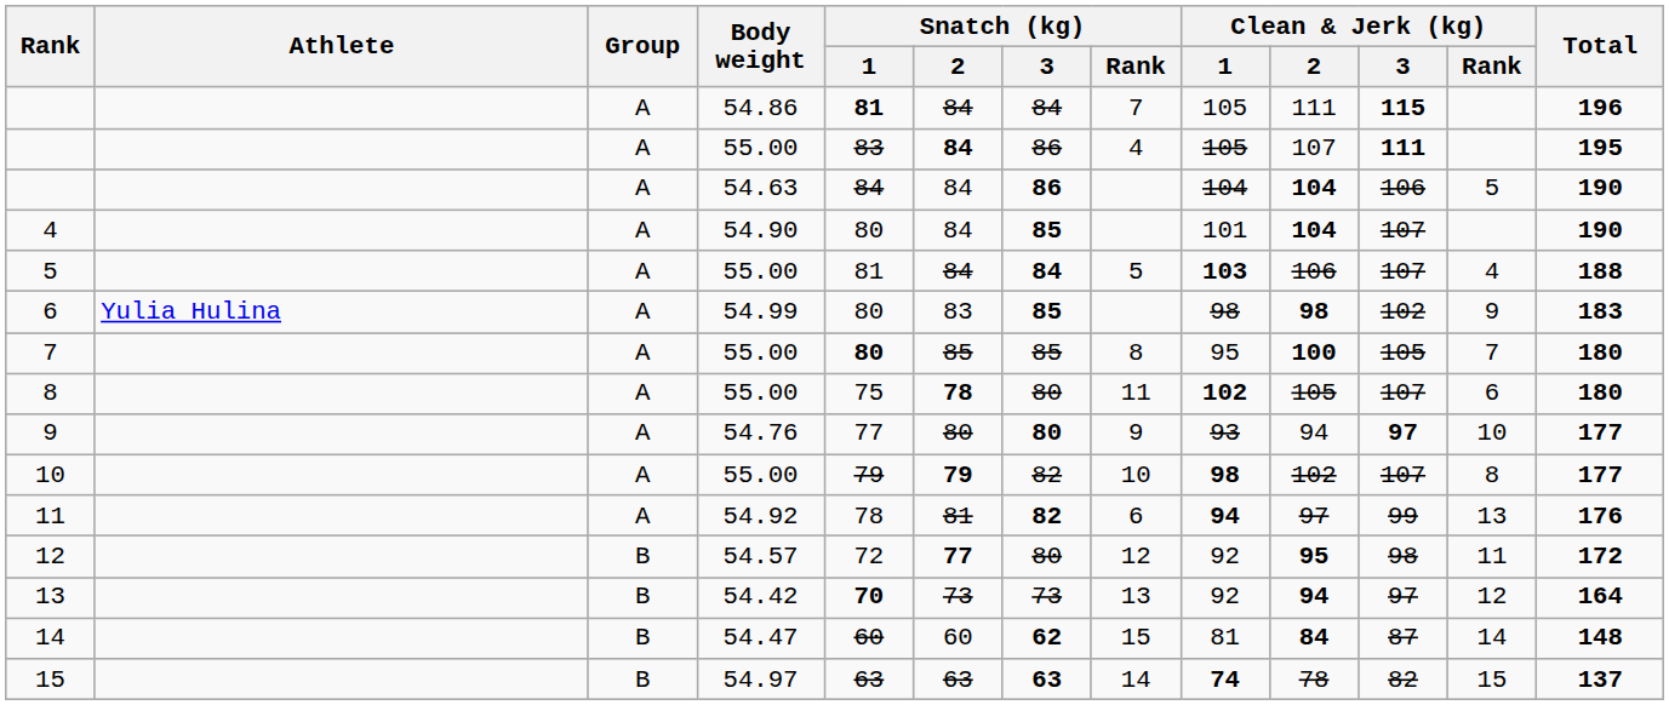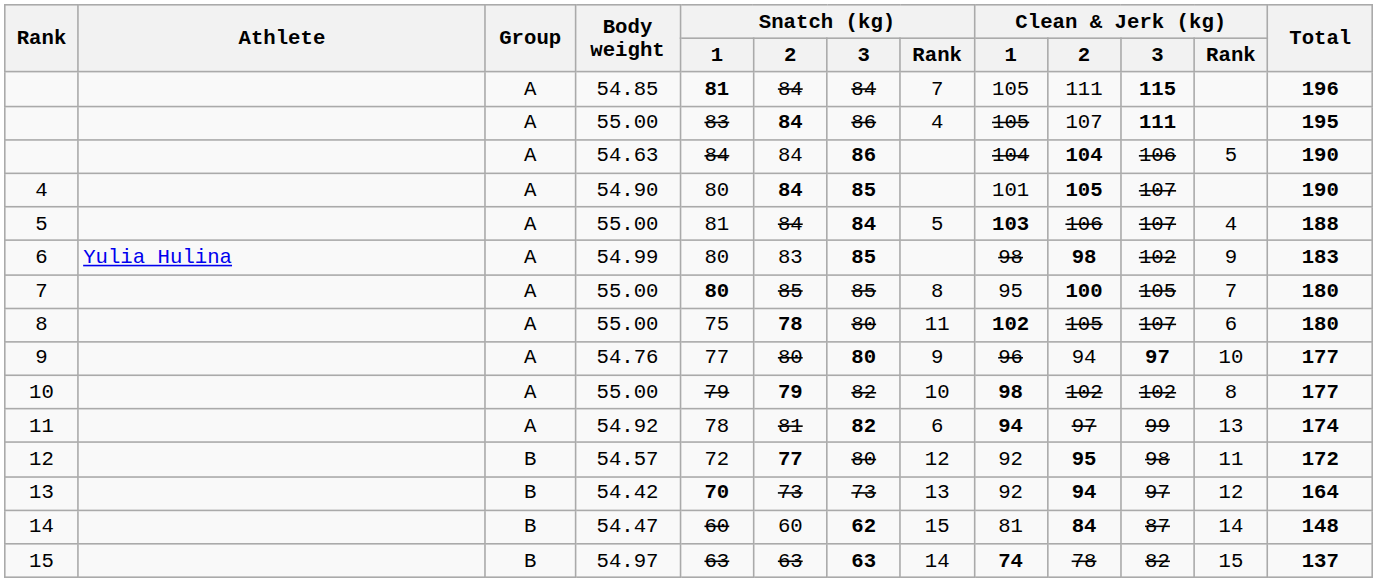 <table class = "wikitable" style="text-align:center;">
 <tr>
 <th rowspan=2 width=40>Rank</th>
 <th rowspan=2 width=250>Athlete</th>
 <th rowspan=2 width=50>Group</th>
 <th rowspan=2 width=60>Body weight</th>
 <th colspan=4>Snatch (kg)</th>
 <th colspan=4>Clean & Jerk (kg)</th>
 <th rowspan=2 width=60>Total</th>
 </tr>
 <tr>
 <th width=40>1</th>
 <th width=40>2</th>
 <th width=40>3</th>
 <th width=40>Rank</th>
 <th width=40>1</th>
 <th width=40>2</th>
 <th width=40>3</th>
 <th width=40>Rank</th>
 </tr>
 <tr>
 <td></td>
 <td align=left></td>
 <td>A</td>
-<td>54.86</td>
+<td>54.85</td>
 <td><strong>81</strong></td>
 <td><s>84</s></td>
 <td><s>84</s></td>
 <td>7</td>
 <td>105</td>
 <td>111</td>
 <td><strong>115</strong></td>
 <td></td>
 <td><strong>196</strong></td>
 </tr>
 <tr>
 <td></td>
 <td align=left></td>
 <td>A</td>
 <td>55.00</td>
 <td><s>83</s></td>
 <td><strong>84</strong></td>
 <td><s>86</s></td>
 <td>4</td>
 <td><s>105</s></td>
 <td>107</td>
 <td><strong>111</strong></td>
 <td></td>
 <td><strong>195</strong></td>
 </tr>
 <tr>
 <td></td>
 <td align=left></td>
 <td>A</td>
 <td>54.63</td>
 <td><s>84</s></td>
 <td>84</td>
 <td><strong>86</strong></td>
 <td></td>
 <td><s>104</s></td>
 <td><strong>104</strong></td>
 <td><s>106</s></td>
 <td>5</td>
 <td><strong>190</strong></td>
 </tr>
 <tr>
 <td>4</td>
 <td align=left></td>
 <td>A</td>
 <td>54.90</td>
 <td>80</td>
-<td>84</td>
+<td><strong>84</strong></td>
 <td><strong>85</strong></td>
 <td></td>
 <td>101</td>
-<td><strong>104</strong></td>
+<td><strong>105</strong></td>
 <td><s>107</s></td>
 <td></td>
 <td><strong>190</strong></td>
 </tr>
 <tr>
 <td>5</td>
 <td align=left></td>
 <td>A</td>
 <td>55.00</td>
 <td>81</td>
 <td><s>84</s></td>
 <td><strong>84</strong></td>
 <td>5</td>
 <td><strong>103</strong></td>
 <td><s>106</s></td>
 <td><s>107</s></td>
 <td>4</td>
 <td><strong>188</strong></td>
 </tr>
 <tr>
 <td>6</td>
 <td align=left> <a href='#'>Yulia Hulina</a> </td>
 <td>A</td>
 <td>54.99</td>
 <td>80</td>
 <td>83</td>
 <td><strong>85</strong></td>
 <td></td>
 <td><s>98</s></td>
 <td><strong>98</strong></td>
 <td><s>102</s></td>
 <td>9</td>
 <td><strong>183</strong></td>
 </tr>
 <tr>
 <td>7</td>
 <td align=left></td>
 <td>A</td>
 <td>55.00</td>
 <td><strong>80</strong></td>
 <td><s>85</s></td>
 <td><s>85</s></td>
 <td>8</td>
 <td>95</td>
 <td><strong>100</strong></td>
 <td><s>105</s></td>
 <td>7</td>
 <td><strong>180</strong></td>
 </tr>
 <tr>
 <td>8</td>
 <td align=left></td>
 <td>A</td>
 <td>55.00</td>
 <td>75</td>
 <td><strong>78</strong></td>
 <td><s>80</s></td>
 <td>11</td>
 <td><strong>102</strong></td>
 <td><s>105</s></td>
 <td><s>107</s></td>
 <td>6</td>
 <td><strong>180</strong></td>
 </tr>
 <tr>
 <td>9</td>
 <td align=left></td>
 <td>A</td>
 <td>54.76</td>
 <td>77</td>
 <td><s>80</s></td>
 <td><strong>80</strong></td>
 <td>9</td>
-<td><s>93</s></td>
+<td><s>96</s></td>
 <td>94</td>
 <td><strong>97</strong></td>
 <td>10</td>
 <td><strong>177</strong></td>
 </tr>
 <tr>
 <td>10</td>
 <td align=left></td>
 <td>A</td>
 <td>55.00</td>
 <td><s>79</s></td>
 <td><strong>79</strong></td>
 <td><s>82</s></td>
 <td>10</td>
 <td><strong>98</strong></td>
 <td><s>102</s></td>
-<td><s>107</s></td>
+<td><s>102</s></td>
 <td>8</td>
 <td><strong>177</strong></td>
 </tr>
 <tr>
 <td>11</td>
 <td align=left></td>
 <td>A</td>
 <td>54.92</td>
 <td>78</td>
 <td><s>81</s></td>
 <td><strong>82</strong></td>
 <td>6</td>
 <td><strong>94</strong></td>
 <td><s>97</s></td>
 <td><s>99</s></td>
 <td>13</td>
-<td><strong>176</strong></td>
+<td><strong>174</strong></td>
 </tr>
 <tr>
 <td>12</td>
 <td align=left></td>
 <td>B</td>
 <td>54.57</td>
 <td>72</td>
 <td><strong>77</strong></td>
 <td><s>80</s></td>
 <td>12</td>
 <td>92</td>
 <td><strong>95</strong></td>
 <td><s>98</s></td>
 <td>11</td>
 <td><strong>172</strong></td>
 </tr>
 <tr>
 <td>13</td>
 <td align=left></td>
 <td>B</td>
 <td>54.42</td>
 <td><strong>70</strong></td>
 <td><s>73</s></td>
 <td><s>73</s></td>
 <td>13</td>
 <td>92</td>
 <td><strong>94</strong></td>
 <td><s>97</s></td>
 <td>12</td>
 <td><strong>164</strong></td>
 </tr>
 <tr>
 <td>14</td>
 <td align=left></td>
 <td>B</td>
 <td>54.47</td>
 <td><s>60</s></td>
 <td>60</td>
 <td><strong>62</strong></td>
 <td>15</td>
 <td>81</td>
 <td><strong>84</strong></td>
 <td><s>87</s></td>
 <td>14</td>
 <td><strong>148</strong></td>
 </tr>
 <tr>
 <td>15</td>
 <td align=left></td>
 <td>B</td>
 <td>54.97</td>
 <td><s>63</s></td>
 <td><s>63</s></td>
 <td><strong>63</strong></td>
 <td>14</td>
 <td><strong>74</strong></td>
 <td><s>78</s></td>
 <td><s>82</s></td>
 <td>15</td>
 <td><strong>137</strong></td>
 </tr>
 </table>
